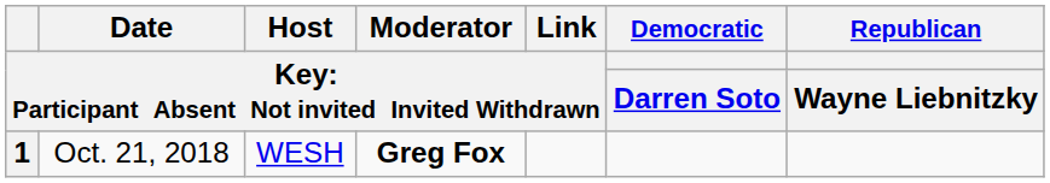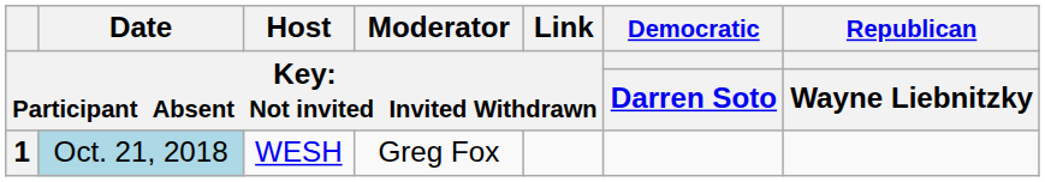 <table class="wikitable" style="text-align:center;">
 <tr>
 <th scope="col"></th>
 <th scope="col">Date</th>
 <th scope="col">Host</th>
 <th scope="col">Moderator</th>
 <th scope="col">Link</th>
 <th scope="col"><small><a href='#'>Democratic</a></small></th>
 <th scope="col"><small><a href='#'>Republican</a></small></th>
 </tr>
 <tr>
 <th colspan="5" rowspan="2">Key:<br> <small>Participant </small>  <small>Absent </small>  <small>Not invited </small>  <small>Invited  Withdrawn</small></th>
 <th scope="col" style="background:"></th>
 <th scope="col" style="background:"></th>
 </tr>
 <tr>
 <th scope="col"><a href='#'>Darren Soto</a></th>
 <th scope="col">Wayne Liebnitzky</th>
 </tr>
 <tr>
 <th>1</th>
-<td style="white-space:nowrap;">Oct. 21, 2018</td>
+<td style="background: lightblue; white-space:nowrap;">Oct. 21, 2018</td>
 <td style="white-space:nowrap;"><a href='#'>WESH</a></td>
-<td style="white-space:nowrap;"><strong>Greg Fox</strong></td>
+<td style="white-space:nowrap;">Greg Fox</td>
 <td style="white-space:nowrap;"></td>
 <td></td>
 <td></td>
 </tr>
 </table>
